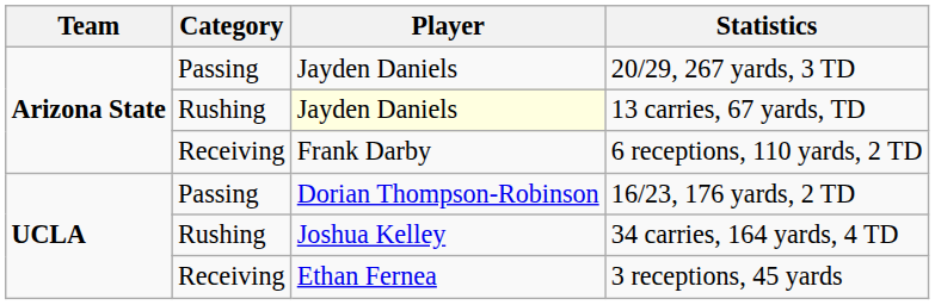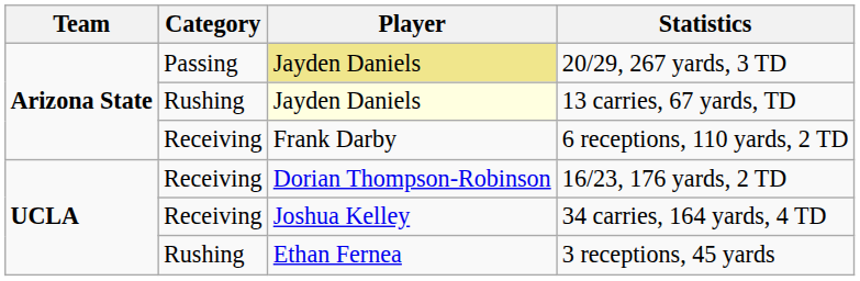 <table class="wikitable" style="float: right;">
 <tr>
 <th>Team</th>
 <th>Category</th>
 <th>Player</th>
 <th>Statistics</th>
 </tr>
 <tr>
 <td rowspan=3><strong>Arizona State</strong></td>
 <td>Passing</td>
-<td>Jayden Daniels</td>
+<td style="background: khaki;">Jayden Daniels</td>
 <td>20/29, 267 yards, 3 TD</td>
 </tr>
 <tr>
 <td>Rushing</td>
 <td style="background: lightyellow;">Jayden Daniels</td>
 <td>13 carries, 67 yards, TD</td>
 </tr>
 <tr>
 <td>Receiving</td>
 <td>Frank Darby</td>
 <td>6 receptions, 110 yards, 2 TD</td>
 </tr>
 <tr>
 <td rowspan=3><strong>UCLA</strong></td>
-<td>Passing</td>
+<td>Receiving</td>
 <td><a href='#'>Dorian Thompson-Robinson</a></td>
 <td>16/23, 176 yards, 2 TD</td>
 </tr>
 <tr>
-<td>Rushing</td>
+<td>Receiving</td>
 <td><a href='#'>Joshua Kelley</a></td>
 <td>34 carries, 164 yards, 4 TD</td>
 </tr>
 <tr>
-<td>Receiving</td>
+<td>Rushing</td>
 <td><a href='#'>Ethan Fernea</a></td>
 <td>3 receptions, 45 yards</td>
 </tr>
 </table>
